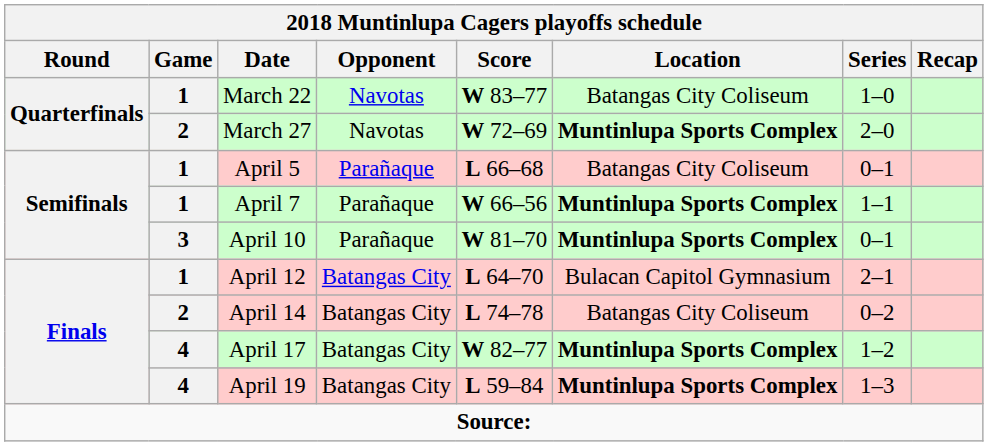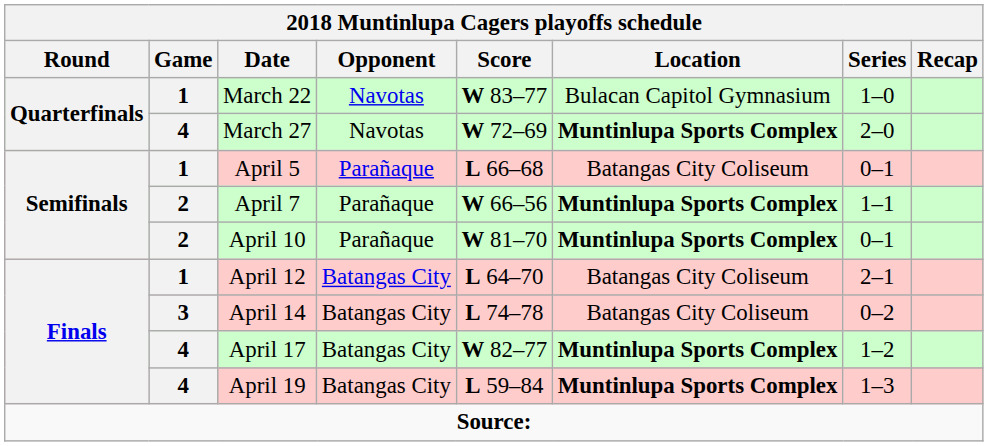 <table class="wikitable" style="text-align:center">
 <tr>
 <th colspan=8>2018 Muntinlupa Cagers playoffs schedule</th>
 </tr>
 <tr>
 <th>Round</th>
 <th>Game</th>
 <th>Date</th>
 <th>Opponent</th>
 <th>Score</th>
 <th>Location</th>
 <th>Series</th>
 <th>Recap</th>
 </tr>
 <tr style="background:#cfc">
 <th rowspan=2>Quarterfinals</th>
 <th>1</th>
 <td>March 22</td>
 <td><a href='#'>Navotas</a></td>
 <td><strong>W</strong> 83–77</td>
-<td>Batangas City Coliseum</td>
+<td>Bulacan Capitol Gymnasium</td>
 <td>1–0</td>
 <td></td>
 </tr>
 <tr style="background:#cfc">
-<th>2</th>
+<th>4</th>
 <td>March 27</td>
 <td>Navotas</td>
 <td><strong>W</strong> 72–69</td>
 <td><strong>Muntinlupa Sports Complex</strong></td>
 <td>2–0</td>
 <td></td>
 </tr>
 <tr style="background:#fcc">
 <th rowspan=3>Semifinals</th>
 <th>1</th>
 <td>April 5</td>
 <td><a href='#'>Parañaque</a></td>
 <td><strong>L</strong> 66–68</td>
 <td>Batangas City Coliseum</td>
 <td>0–1</td>
 <td></td>
 </tr>
 <tr style="background:#cfc">
-<th>1</th>
+<th>2</th>
 <td>April 7</td>
 <td>Parañaque</td>
 <td><strong>W</strong> 66–56</td>
 <td><strong>Muntinlupa Sports Complex</strong></td>
 <td>1–1</td>
 <td></td>
 </tr>
 <tr style="background:#cfc">
-<th>3</th>
+<th>2</th>
 <td>April 10</td>
 <td>Parañaque</td>
 <td><strong>W</strong> 81–70</td>
 <td><strong>Muntinlupa Sports Complex</strong></td>
 <td>0–1</td>
 <td></td>
 </tr>
 <tr style="background:#fcc">
 <th rowspan=4><a href='#'>Finals</a></th>
 <th>1</th>
 <td>April 12</td>
 <td><a href='#'>Batangas City</a></td>
 <td><strong>L</strong> 64–70</td>
-<td>Bulacan Capitol Gymnasium</td>
+<td>Batangas City Coliseum</td>
 <td>2–1</td>
 <td></td>
 </tr>
 <tr style="background:#fcc">
-<th>2</th>
+<th>3</th>
 <td>April 14</td>
 <td>Batangas City</td>
 <td><strong>L</strong> 74–78</td>
 <td>Batangas City Coliseum</td>
 <td>0–2</td>
 <td></td>
 </tr>
 <tr style="background:#cfc">
 <th>4</th>
 <td>April 17</td>
 <td>Batangas City</td>
 <td><strong>W</strong> 82–77</td>
 <td><strong>Muntinlupa Sports Complex</strong></td>
 <td>1–2</td>
 <td></td>
 </tr>
 <tr style="background:#fcc">
 <th>4</th>
 <td>April 19</td>
 <td>Batangas City</td>
 <td><strong>L</strong> 59–84</td>
 <td><strong>Muntinlupa Sports Complex</strong></td>
 <td>1–3</td>
 <td></td>
 </tr>
 <tr>
 <td colspan=8 align=center><strong>Source: </strong></td>
 </tr>
 </table>
